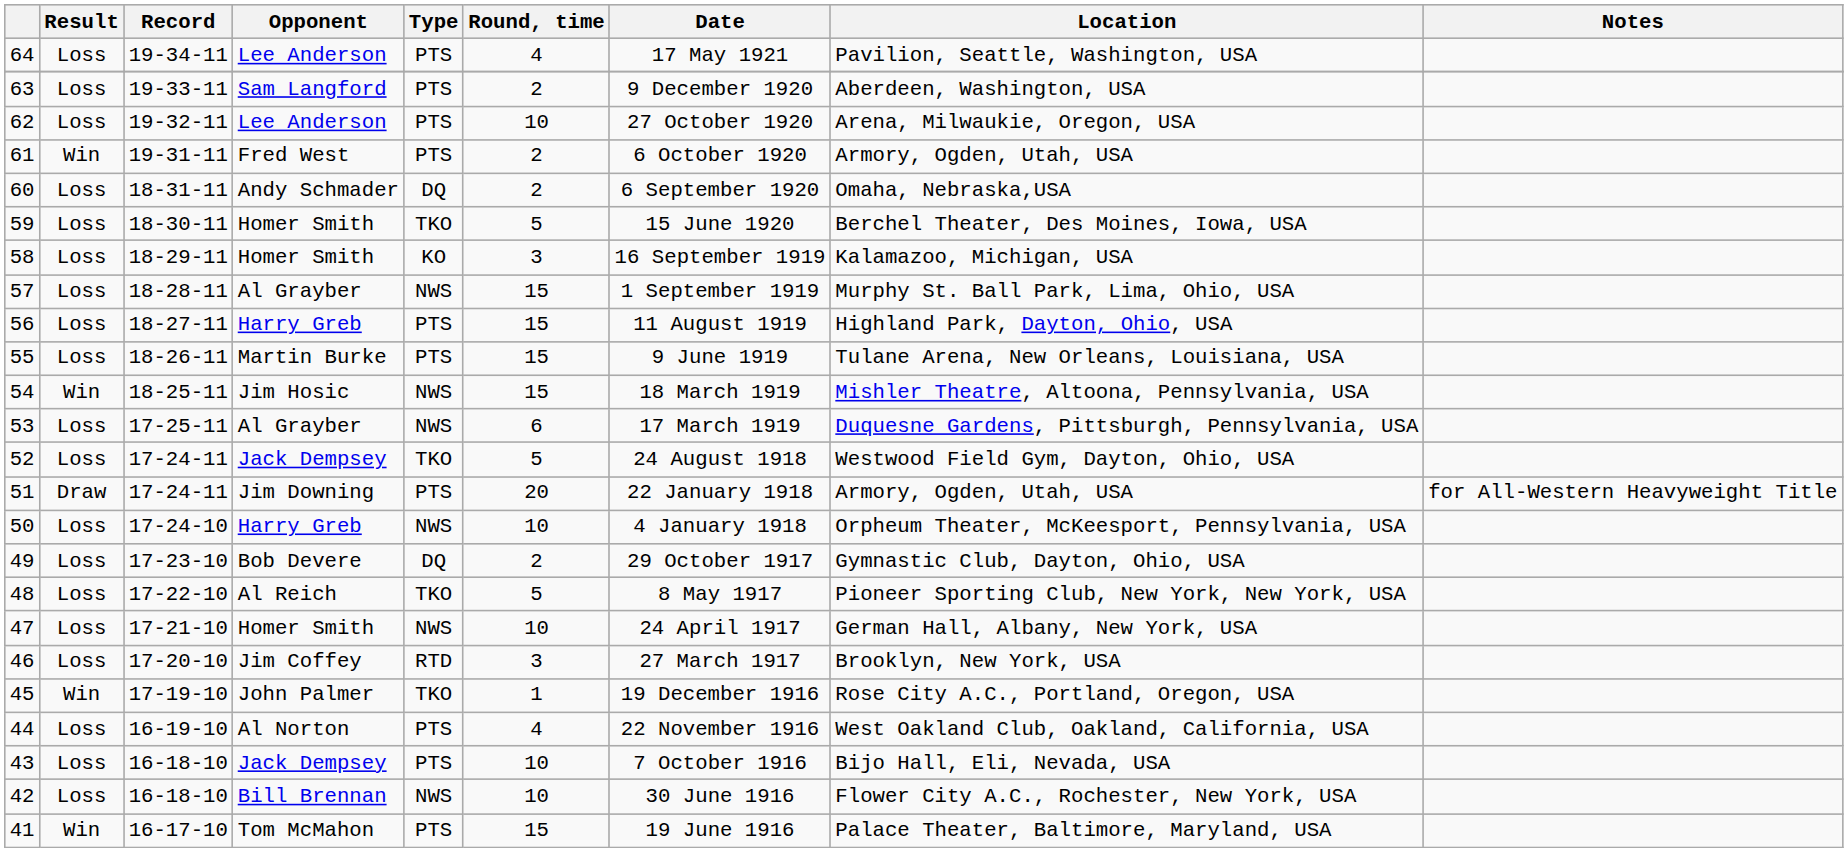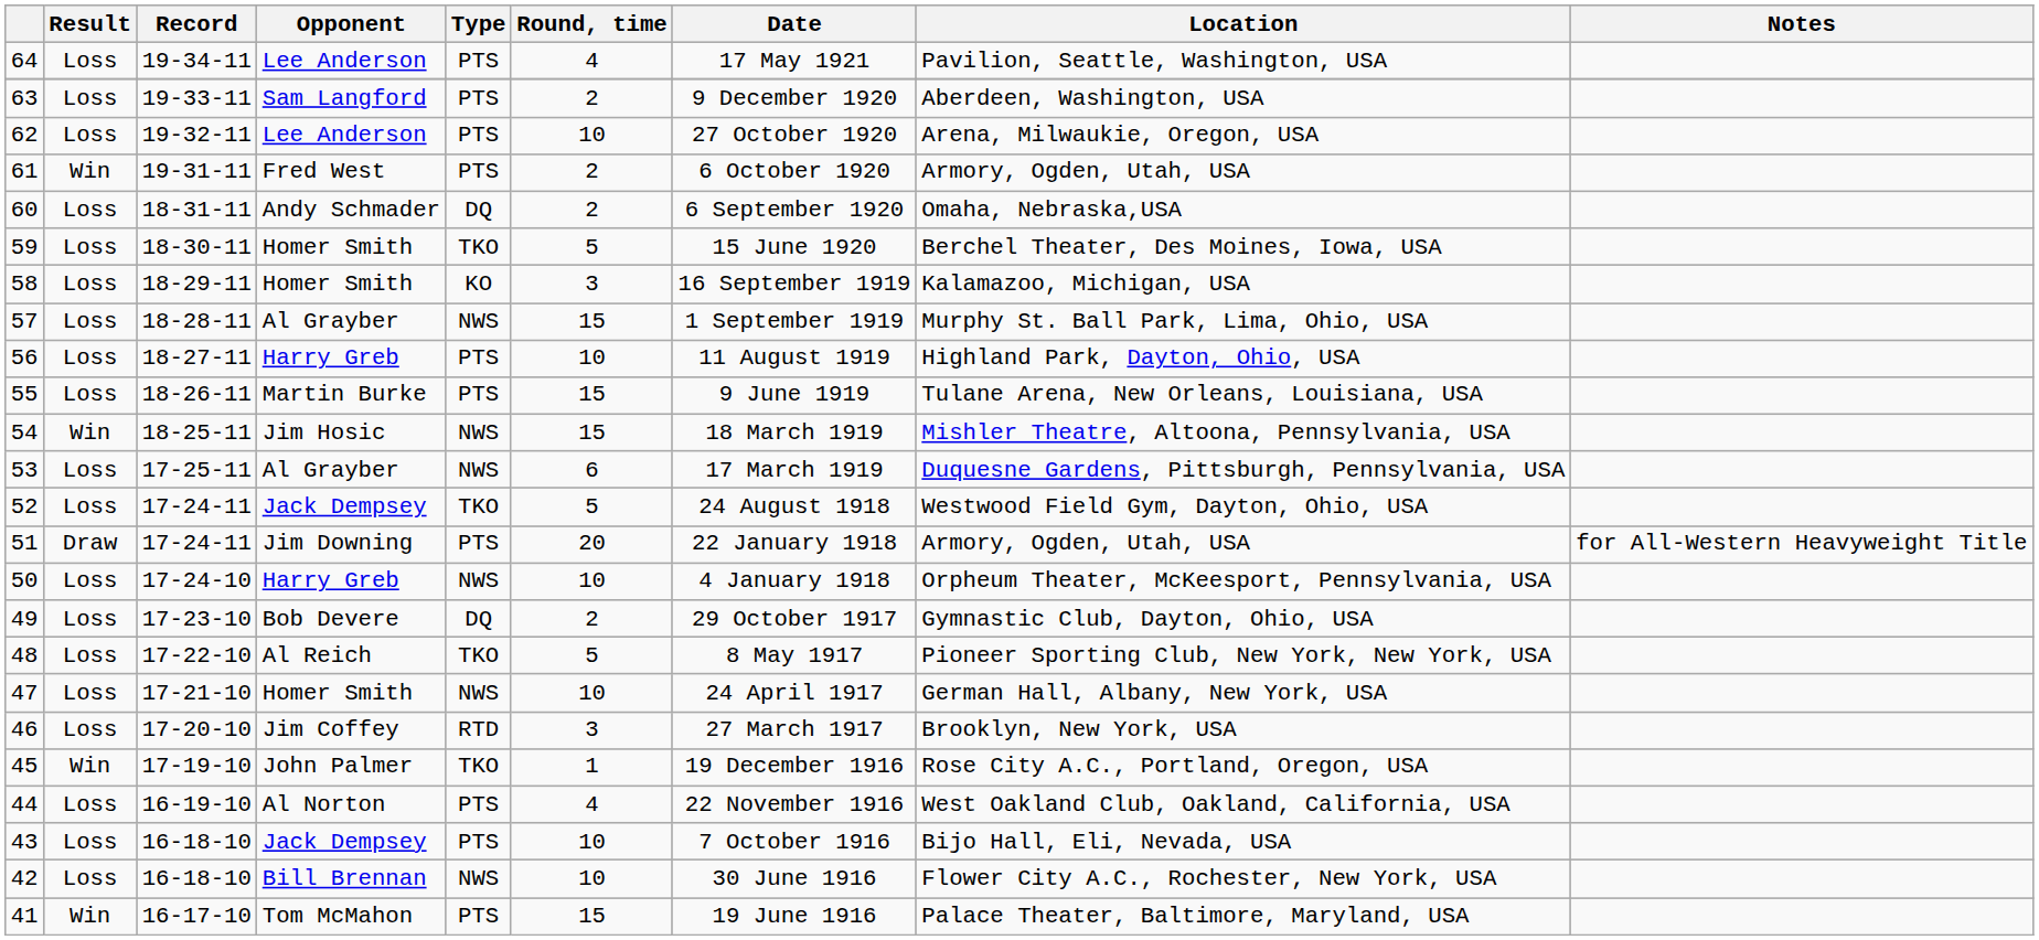 <table class="wikitable" style="text-align:center">
 <tr>
 <th></th>
 <th>Result</th>
 <th>Record</th>
 <th>Opponent</th>
 <th>Type</th>
 <th>Round, time</th>
 <th>Date</th>
 <th>Location</th>
 <th>Notes</th>
 </tr>
 <tr>
 <td>64</td>
 <td>Loss</td>
 <td>19-34-11</td>
 <td style="text-align:left;"> <a href='#'>Lee Anderson</a></td>
 <td>PTS</td>
 <td>4</td>
 <td>17 May 1921</td>
 <td style="text-align:left;"> Pavilion, Seattle, Washington, USA</td>
 <td style="text-align:left;"></td>
 </tr>
 <tr>
 </tr>
 <tr>
 <td>63</td>
 <td>Loss</td>
 <td>19-33-11</td>
 <td style="text-align:left;"> <a href='#'>Sam Langford</a></td>
 <td>PTS</td>
 <td>2</td>
 <td>9 December 1920</td>
 <td style="text-align:left;"> Aberdeen, Washington, USA</td>
 <td style="text-align:left;"></td>
 </tr>
 <tr>
 <td>62</td>
 <td>Loss</td>
 <td>19-32-11</td>
 <td style="text-align:left;"> <a href='#'>Lee Anderson</a></td>
 <td>PTS</td>
 <td>10</td>
 <td>27 October 1920</td>
 <td style="text-align:left;"> Arena, Milwaukie, Oregon, USA</td>
 <td style="text-align:left;"></td>
 </tr>
 <tr>
 <td>61</td>
 <td>Win</td>
 <td>19-31-11</td>
 <td style="text-align:left;"> Fred West</td>
 <td>PTS</td>
 <td>2</td>
 <td>6 October 1920</td>
 <td style="text-align:left;"> Armory, Ogden, Utah, USA</td>
 <td style="text-align:left;"></td>
 </tr>
 <tr>
 <td>60</td>
 <td>Loss</td>
 <td>18-31-11</td>
 <td style="text-align:left;"> Andy Schmader</td>
 <td>DQ</td>
 <td>2</td>
 <td>6 September 1920</td>
 <td style="text-align:left;"> Omaha, Nebraska,USA</td>
 <td style="text-align:left;"></td>
 </tr>
 <tr>
 <td>59</td>
 <td>Loss</td>
 <td>18-30-11</td>
 <td style="text-align:left;"> Homer Smith</td>
 <td>TKO</td>
 <td>5</td>
 <td>15 June 1920</td>
 <td style="text-align:left;"> Berchel Theater, Des Moines, Iowa, USA</td>
 <td style="text-align:left;"></td>
 </tr>
 <tr>
 <td>58</td>
 <td>Loss</td>
 <td>18-29-11</td>
 <td style="text-align:left;"> Homer Smith</td>
 <td>KO</td>
 <td>3</td>
 <td>16 September 1919</td>
 <td style="text-align:left;"> Kalamazoo, Michigan, USA</td>
 <td style="text-align:left;"></td>
 </tr>
 <tr>
 <td>57</td>
 <td>Loss</td>
 <td>18-28-11</td>
 <td style="text-align:left;"> Al Grayber</td>
 <td>NWS</td>
 <td>15</td>
 <td>1 September 1919</td>
 <td style="text-align:left;”"> Murphy St. Ball Park, Lima, Ohio, USA</td>
 <td style="text-align:left;"></td>
 </tr>
 <tr>
 <td>56</td>
 <td>Loss</td>
 <td>18-27-11</td>
 <td style="text-align:left;"> <a href='#'>Harry Greb</a></td>
 <td>PTS</td>
-<td>15</td>
+<td>10</td>
 <td>11 August 1919</td>
 <td style="text-align:left;"> Highland Park, <a href='#'>Dayton, Ohio</a>, USA</td>
 <td style="text-align:left;"></td>
 </tr>
 <tr>
 <td>55</td>
 <td>Loss</td>
 <td>18-26-11</td>
 <td style="text-align:left;"> Martin Burke</td>
 <td>PTS</td>
 <td>15</td>
 <td>9 June 1919</td>
 <td style="text-align:left;"> Tulane Arena, New Orleans, Louisiana, USA</td>
 <td style="text-align:left;"></td>
 </tr>
 <tr>
 <td>54</td>
 <td>Win</td>
 <td>18-25-11</td>
 <td style="text-align:left;"> Jim Hosic</td>
 <td>NWS</td>
 <td>15</td>
 <td>18 March 1919</td>
 <td style="text-align:left;">  <a href='#'>Mishler Theatre</a>, Altoona, Pennsylvania, USA</td>
 <td style="text-align:left;"></td>
 </tr>
 <tr>
 <td>53</td>
 <td>Loss</td>
 <td>17-25-11</td>
 <td style="text-align:left;"> Al Grayber</td>
 <td>NWS</td>
 <td>6</td>
 <td>17 March 1919</td>
 <td style="text-align:left;"> <a href='#'>Duquesne Gardens</a>, Pittsburgh, Pennsylvania, USA</td>
 <td style="text-align:left;"></td>
 </tr>
 <tr>
 <td>52</td>
 <td>Loss</td>
 <td>17-24-11</td>
 <td style="text-align:left;"> <a href='#'>Jack Dempsey</a></td>
 <td>TKO</td>
 <td>5</td>
 <td>24 August 1918</td>
 <td style="text-align:left;"> Westwood Field Gym, Dayton, Ohio, USA</td>
 <td style="text-align:left;"></td>
 </tr>
 <tr>
 <td>51</td>
 <td>Draw</td>
 <td>17-24-11</td>
 <td style="text-align:left;"> Jim Downing</td>
 <td>PTS</td>
 <td>20</td>
 <td>22 January 1918</td>
 <td style="text-align:left;"> Armory, Ogden, Utah, USA</td>
 <td style="text-align:left;">for All-Western Heavyweight Title</td>
 </tr>
 <tr>
 <td>50</td>
 <td>Loss</td>
 <td>17-24-10</td>
 <td style="text-align:left;"> <a href='#'>Harry Greb</a></td>
 <td>NWS</td>
 <td>10</td>
 <td>4 January 1918</td>
 <td style="text-align:left;"> Orpheum Theater, McKeesport, Pennsylvania, USA</td>
 <td style="text-align:left;"></td>
 </tr>
 <tr>
 <td>49</td>
 <td>Loss</td>
 <td>17-23-10</td>
 <td style="text-align:left;"> Bob Devere</td>
 <td>DQ</td>
 <td>2</td>
 <td>29 October 1917</td>
 <td style="text-align:left;"> Gymnastic Club, Dayton, Ohio, USA</td>
 <td style="text-align:left;"></td>
 </tr>
 <tr>
 <td>48</td>
 <td>Loss</td>
 <td>17-22-10</td>
 <td style="text-align:left;"> Al Reich</td>
 <td>TKO</td>
 <td>5</td>
 <td>8 May 1917</td>
 <td style="text-align:left;"> Pioneer Sporting Club, New York, New York, USA</td>
 <td style="text-align:left;"></td>
 </tr>
 <tr>
 <td>47</td>
 <td>Loss</td>
 <td>17-21-10</td>
 <td style="text-align:left;"> Homer Smith</td>
 <td>NWS</td>
 <td>10</td>
 <td>24 April 1917</td>
 <td style="text-align:left;"> German Hall, Albany, New York, USA</td>
 <td style="text-align:left;"></td>
 </tr>
 <tr>
 <td>46</td>
 <td>Loss</td>
 <td>17-20-10</td>
 <td style="text-align:left;"> Jim Coffey</td>
 <td>RTD</td>
 <td>3</td>
 <td>27 March 1917</td>
 <td style="text-align:left;"> Brooklyn, New York, USA</td>
 <td style="text-align:left;"></td>
 </tr>
 <tr>
 <td>45</td>
 <td>Win</td>
 <td>17-19-10</td>
 <td style="text-align:left;"> John Palmer</td>
 <td>TKO</td>
 <td>1</td>
 <td>19 December 1916</td>
 <td style="text-align:left;"> Rose City A.C., Portland, Oregon, USA</td>
 <td style="text-align:left;"></td>
 </tr>
 <tr>
 <td>44</td>
 <td>Loss</td>
 <td>16-19-10</td>
 <td style="text-align:left;"> Al Norton</td>
 <td>PTS</td>
 <td>4</td>
 <td>22 November 1916</td>
 <td style="text-align:left;"> West Oakland Club, Oakland, California, USA</td>
 <td style="text-align:left;"></td>
 </tr>
 <tr>
 <td>43</td>
 <td>Loss</td>
 <td>16-18-10</td>
 <td style="text-align:left;"> <a href='#'>Jack Dempsey</a></td>
 <td>PTS</td>
 <td>10</td>
 <td>7 October 1916</td>
 <td style="text-align:left;"> Bijo Hall, Eli, Nevada, USA</td>
 <td style="text-align:left;"></td>
 </tr>
 <tr>
 <td>42</td>
 <td>Loss</td>
 <td>16-18-10</td>
 <td style="text-align:left;"> <a href='#'> Bill Brennan</a></td>
 <td>NWS</td>
 <td>10</td>
 <td>30 June 1916</td>
 <td style="text-align:left;"> Flower City A.C., Rochester, New York, USA</td>
 <td style="text-align:left;"></td>
 </tr>
 <tr>
 <td>41</td>
 <td>Win</td>
 <td>16-17-10</td>
 <td style="text-align:left;"> Tom McMahon</td>
 <td>PTS</td>
 <td>15</td>
 <td>19 June 1916</td>
 <td style="text-align:left;"> Palace Theater, Baltimore, Maryland, USA</td>
 <td style="text-align:left;"></td>
 </tr>
 </table>
